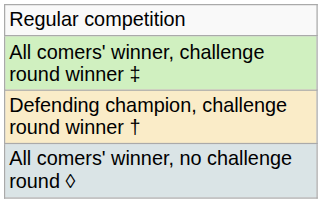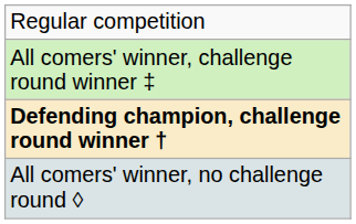 <table class="wikitable" width=20%>
 <tr>
 <td>Regular competition</td>
 </tr>
 <tr>
 <td style="background: #d0f0c0">All comers' winner, challenge round winner ‡</td>
 </tr>
 <tr>
-<td style="background: #faecc8">Defending champion, challenge round winner †</td>
+<td style="background: #faecc8"><strong>Defending champion, challenge round winner †</strong></td>
 </tr>
 <tr>
 <td style="background: #dAe4e6">All comers' winner, no challenge round ◊</td>
 </tr>
 </table>
